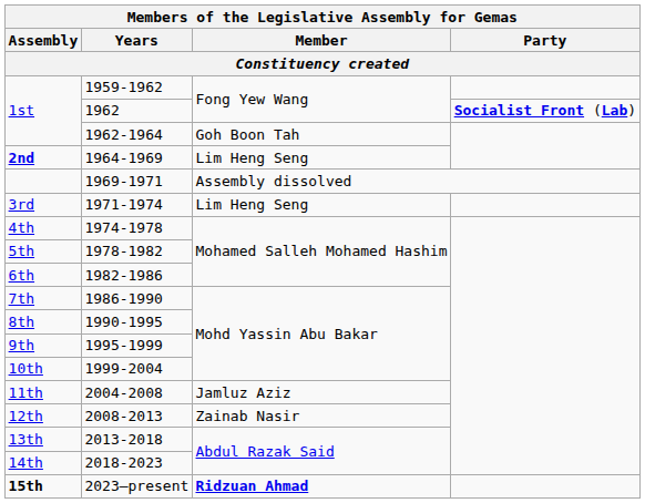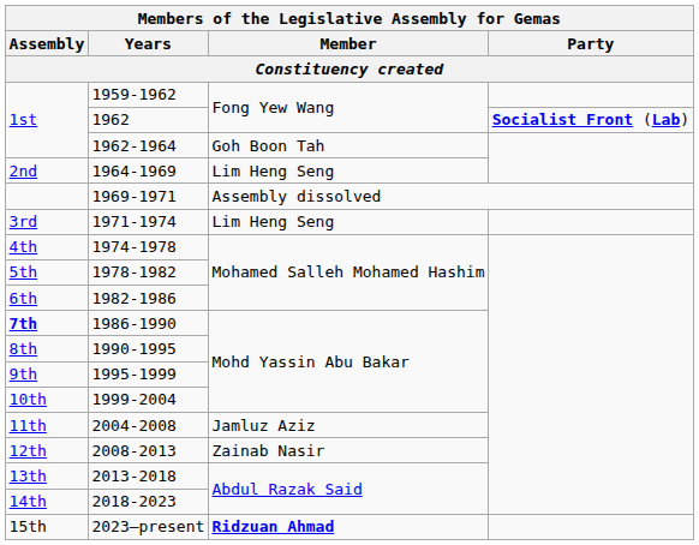 <table class="wikitable">
 <tr>
 <th colspan="4">Members of the Legislative Assembly for Gemas</th>
 </tr>
 <tr>
 <th>Assembly</th>
 <th>Years</th>
 <th>Member</th>
 <th>Party</th>
 </tr>
 <tr>
 <th colspan="4" align="center"><em>Constituency created</em></th>
 </tr>
 <tr>
 <td rowspan="3"><a href='#'>1st</a></td>
 <td>1959-1962</td>
 <td rowspan="2">Fong Yew Wang</td>
 <td></td>
 </tr>
 <tr>
 <td>1962</td>
 <td><strong><a href='#'>Socialist Front</a></strong> (<strong><a href='#'>Lab</a></strong>)</td>
 </tr>
 <tr>
 <td>1962-1964</td>
 <td>Goh Boon Tah</td>
 <td rowspan="2"></td>
 </tr>
 <tr>
-<td><strong><a href='#'>2nd</a></strong></td>
+<td><a href='#'>2nd</a></td>
 <td>1964-1969</td>
 <td>Lim Heng Seng</td>
 </tr>
 <tr>
 <td></td>
 <td>1969-1971</td>
 <td colspan="2">Assembly dissolved</td>
 </tr>
 <tr>
 <td><a href='#'>3rd</a></td>
 <td>1971-1974</td>
 <td>Lim Heng Seng</td>
 <td></td>
 </tr>
 <tr>
 <td><a href='#'>4th</a></td>
 <td>1974-1978</td>
 <td rowspan="3">Mohamed Salleh Mohamed Hashim</td>
 <td rowspan="11"></td>
 </tr>
 <tr>
 <td><a href='#'>5th</a></td>
 <td>1978-1982</td>
 </tr>
 <tr>
 <td><a href='#'>6th</a></td>
 <td>1982-1986</td>
 </tr>
 <tr>
-<td><a href='#'>7th</a></td>
+<td><strong><a href='#'>7th</a></strong></td>
 <td>1986-1990</td>
 <td rowspan="4">Mohd Yassin Abu Bakar</td>
 </tr>
 <tr>
 <td><a href='#'>8th</a></td>
 <td>1990-1995</td>
 </tr>
 <tr>
 <td><a href='#'>9th</a></td>
 <td>1995-1999</td>
 </tr>
 <tr>
 <td><a href='#'>10th</a></td>
 <td>1999-2004</td>
 </tr>
 <tr>
 <td><a href='#'>11th</a></td>
 <td>2004-2008</td>
 <td>Jamluz Aziz</td>
 </tr>
 <tr>
 <td><a href='#'>12th</a></td>
 <td>2008-2013</td>
 <td>Zainab Nasir</td>
 </tr>
 <tr>
 <td><a href='#'>13th</a></td>
 <td>2013-2018</td>
 <td rowspan="2"><a href='#'>Abdul Razak Said</a></td>
 </tr>
 <tr>
 <td><a href='#'>14th</a></td>
 <td>2018-2023</td>
 </tr>
 <tr>
-<td><strong>15th</strong></td>
+<td>15th</td>
 <td>2023–present</td>
 <td><strong><a href='#'>Ridzuan Ahmad</a></strong></td>
 <td></td>
 </tr>
 </table>
